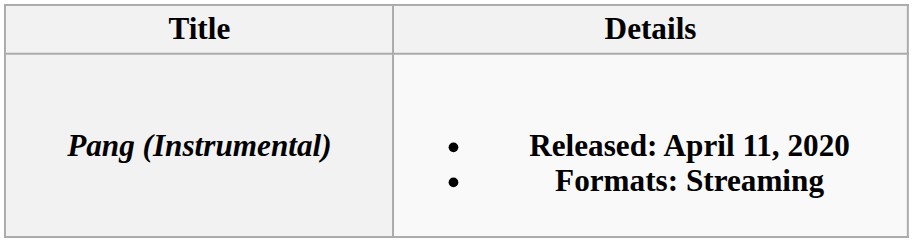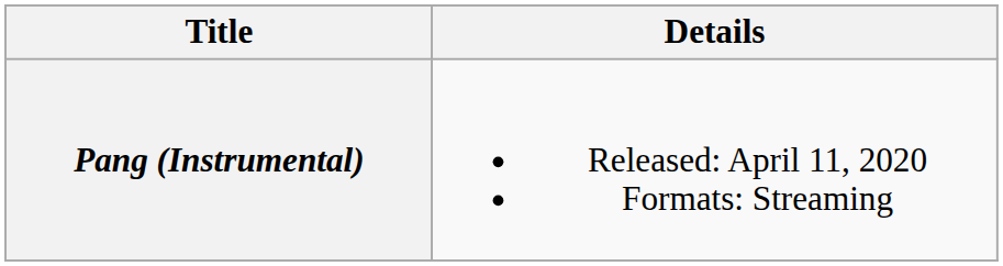 <table class="wikitable plainrowheaders" style="text-align:center">
 <tr>
 <th scope="col" style="width:12em;">Title</th>
 <th scope="col" style="width:16em;">Details</th>
 </tr>
 <tr>
 <th scope="row"><em>Pang (Instrumental)</em></th>
-<td><strong><br><ul><li>Released: April 11, 2020</li><li>Formats: Streaming</li></ul></strong></td>
+<td><br><ul><li>Released: April 11, 2020</li><li>Formats: Streaming</li></ul></td>
 </tr>
 </table>
